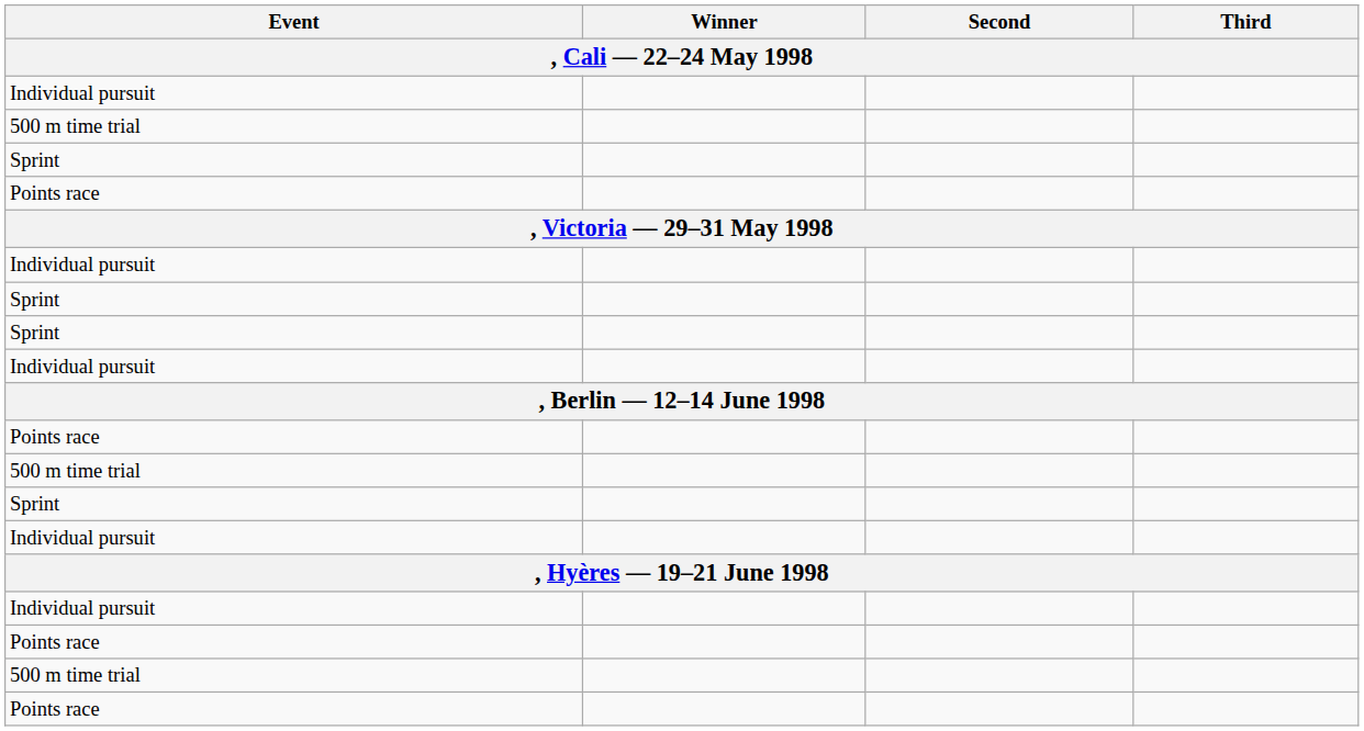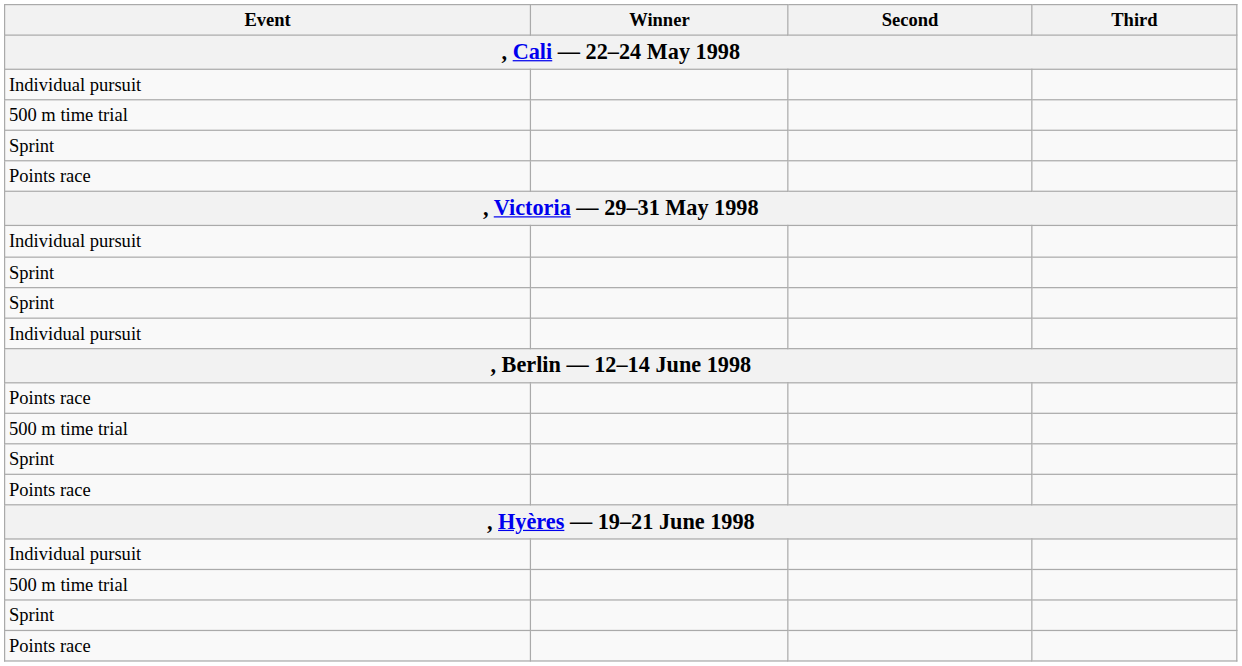 <table class=wikitable style="font-size:95%" width="80%">
 <tr>
 <th>Event</th>
 <th>Winner</th>
 <th>Second</th>
 <th>Third</th>
 </tr>
 <tr>
 <th colspan=4><big>, <a href='#'>Cali</a> — 22–24 May 1998</big></th>
 </tr>
 <tr>
 <td>Individual pursuit</td>
 <td></td>
 <td></td>
 <td></td>
 </tr>
 <tr>
 <td>500 m time trial</td>
 <td></td>
 <td></td>
 <td></td>
 </tr>
 <tr>
 <td>Sprint</td>
 <td></td>
 <td></td>
 <td></td>
 </tr>
 <tr>
 <td>Points race</td>
 <td></td>
 <td></td>
 <td></td>
 </tr>
 <tr>
 <th colspan=4><big>, <a href='#'>Victoria</a> — 29–31 May 1998</big></th>
 </tr>
 <tr>
 <td>Individual pursuit</td>
 <td></td>
 <td></td>
 <td></td>
 </tr>
 <tr>
 <td>Sprint</td>
 <td></td>
 <td></td>
 <td></td>
 </tr>
 <tr>
 <td>Sprint</td>
 <td></td>
 <td></td>
 <td></td>
 </tr>
 <tr>
 <td>Individual pursuit</td>
 <td></td>
 <td></td>
 <td></td>
 </tr>
 <tr>
 <th colspan=4><big>, Berlin — 12–14 June 1998</big></th>
 </tr>
 <tr>
 <td>Points race</td>
 <td></td>
 <td></td>
 <td></td>
 </tr>
 <tr>
 <td>500 m time trial</td>
 <td></td>
 <td></td>
 <td></td>
 </tr>
 <tr>
 <td>Sprint</td>
 <td></td>
 <td></td>
 <td></td>
 </tr>
 <tr>
-<td>Individual pursuit</td>
+<td>Points race</td>
 <td></td>
 <td></td>
 <td></td>
 </tr>
 <tr>
 <th colspan=4><big>, <a href='#'>Hyères</a> — 19–21 June 1998</big></th>
 </tr>
 <tr>
 <td>Individual pursuit</td>
 <td></td>
 <td></td>
 <td></td>
 </tr>
 <tr>
-<td>Points race</td>
+<td>500 m time trial</td>
 <td></td>
 <td></td>
 <td></td>
 </tr>
 <tr>
-<td>500 m time trial</td>
+<td>Sprint</td>
 <td></td>
 <td></td>
 <td></td>
 </tr>
 <tr>
 <td>Points race</td>
 <td></td>
 <td></td>
 <td></td>
 </tr>
 </table>
